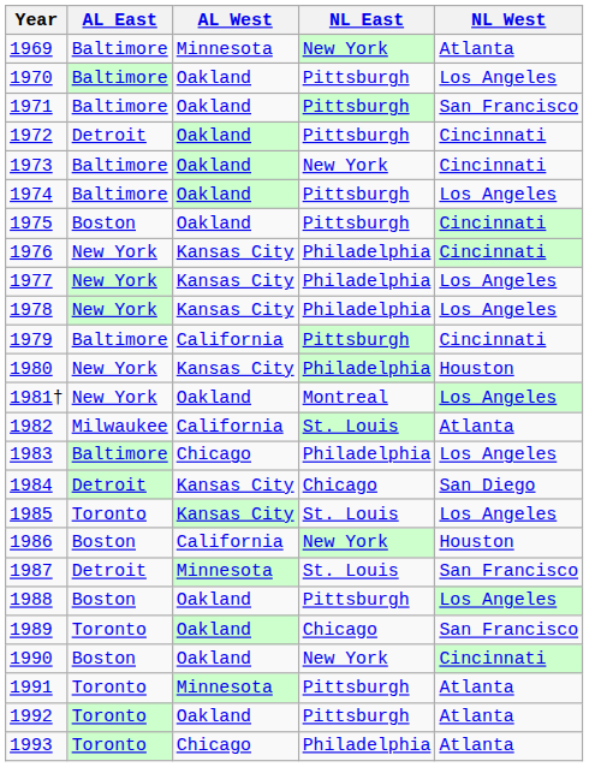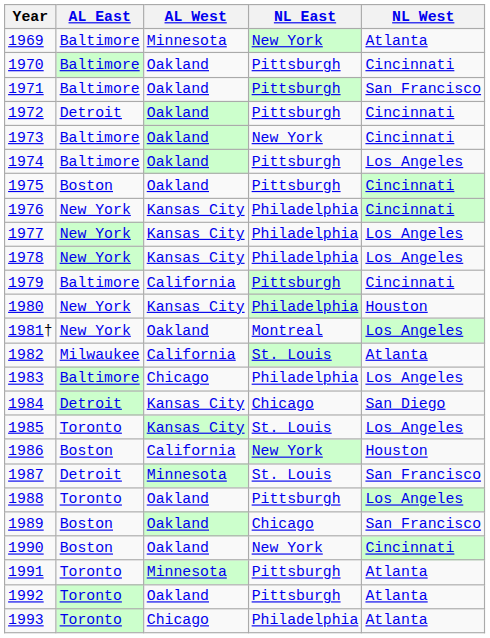 <table class="wikitable sortable">
 <tr>
 <th>Year</th>
 <th><a href='#'>AL East</a></th>
 <th><a href='#'>AL West</a></th>
 <th><a href='#'>NL East</a></th>
 <th><a href='#'>NL West</a></th>
 </tr>
 <tr>
 <td><a href='#'>1969</a></td>
 <td><a href='#'>Baltimore</a></td>
 <td><a href='#'>Minnesota</a></td>
 <td bgcolor="#ccffcc"><a href='#'>New York</a></td>
 <td><a href='#'>Atlanta</a></td>
 </tr>
 <tr>
 <td><a href='#'>1970</a></td>
 <td bgcolor="#ccffcc"><a href='#'>Baltimore</a></td>
 <td><a href='#'>Oakland</a></td>
 <td><a href='#'>Pittsburgh</a></td>
-<td><a href='#'>Los Angeles</a></td>
+<td><a href='#'>Cincinnati</a></td>
 </tr>
 <tr>
 <td><a href='#'>1971</a></td>
 <td><a href='#'>Baltimore</a></td>
 <td><a href='#'>Oakland</a></td>
 <td bgcolor="#ccffcc"><a href='#'>Pittsburgh</a></td>
 <td><a href='#'>San Francisco</a></td>
 </tr>
 <tr>
 <td><a href='#'>1972</a></td>
 <td><a href='#'>Detroit</a></td>
 <td bgcolor="#ccffcc"><a href='#'>Oakland</a></td>
 <td><a href='#'>Pittsburgh</a></td>
 <td><a href='#'>Cincinnati</a></td>
 </tr>
 <tr>
 <td><a href='#'>1973</a></td>
 <td><a href='#'>Baltimore</a></td>
 <td bgcolor="#ccffcc"><a href='#'>Oakland</a></td>
 <td><a href='#'>New York</a></td>
 <td><a href='#'>Cincinnati</a></td>
 </tr>
 <tr>
 <td><a href='#'>1974</a></td>
 <td><a href='#'>Baltimore</a></td>
 <td bgcolor="#ccffcc"><a href='#'>Oakland</a></td>
 <td><a href='#'>Pittsburgh</a></td>
 <td><a href='#'>Los Angeles</a></td>
 </tr>
 <tr>
 <td><a href='#'>1975</a></td>
 <td><a href='#'>Boston</a></td>
 <td><a href='#'>Oakland</a></td>
 <td><a href='#'>Pittsburgh</a></td>
 <td bgcolor="#ccffcc"><a href='#'>Cincinnati</a></td>
 </tr>
 <tr>
 <td><a href='#'>1976</a></td>
 <td><a href='#'>New York</a></td>
 <td><a href='#'>Kansas City</a></td>
 <td><a href='#'>Philadelphia</a></td>
 <td bgcolor="#ccffcc"><a href='#'>Cincinnati</a></td>
 </tr>
 <tr>
 <td><a href='#'>1977</a></td>
 <td bgcolor="#ccffcc"><a href='#'>New York</a></td>
 <td><a href='#'>Kansas City</a></td>
 <td><a href='#'>Philadelphia</a></td>
 <td><a href='#'>Los Angeles</a></td>
 </tr>
 <tr>
 <td><a href='#'>1978</a></td>
 <td bgcolor="#ccffcc"><a href='#'>New York</a></td>
 <td><a href='#'>Kansas City</a></td>
 <td><a href='#'>Philadelphia</a></td>
 <td><a href='#'>Los Angeles</a></td>
 </tr>
 <tr>
 <td><a href='#'>1979</a></td>
 <td><a href='#'>Baltimore</a></td>
 <td><a href='#'>California</a></td>
 <td bgcolor="#ccffcc"><a href='#'>Pittsburgh</a></td>
 <td><a href='#'>Cincinnati</a></td>
 </tr>
 <tr>
 <td><a href='#'>1980</a></td>
 <td><a href='#'>New York</a></td>
 <td><a href='#'>Kansas City</a></td>
 <td bgcolor="#ccffcc"><a href='#'>Philadelphia</a></td>
 <td><a href='#'>Houston</a></td>
 </tr>
 <tr>
 <td><a href='#'>1981</a>†</td>
 <td><a href='#'>New York</a></td>
 <td><a href='#'>Oakland</a></td>
 <td><a href='#'>Montreal</a></td>
 <td bgcolor="#ccffcc"><a href='#'>Los Angeles</a></td>
 </tr>
 <tr>
 <td><a href='#'>1982</a></td>
 <td><a href='#'>Milwaukee</a></td>
 <td><a href='#'>California</a></td>
 <td bgcolor="#ccffcc"><a href='#'>St. Louis</a></td>
 <td><a href='#'>Atlanta</a></td>
 </tr>
 <tr>
 <td><a href='#'>1983</a></td>
 <td bgcolor="#ccffcc"><a href='#'>Baltimore</a></td>
 <td><a href='#'>Chicago</a></td>
 <td><a href='#'>Philadelphia</a></td>
 <td><a href='#'>Los Angeles</a></td>
 </tr>
 <tr>
 <td><a href='#'>1984</a></td>
 <td bgcolor="#ccffcc"><a href='#'>Detroit</a></td>
 <td><a href='#'>Kansas City</a></td>
 <td><a href='#'>Chicago</a></td>
 <td><a href='#'>San Diego</a></td>
 </tr>
 <tr>
 <td><a href='#'>1985</a></td>
 <td><a href='#'>Toronto</a></td>
 <td bgcolor="#ccffcc"><a href='#'>Kansas City</a></td>
 <td><a href='#'>St. Louis</a></td>
 <td><a href='#'>Los Angeles</a></td>
 </tr>
 <tr>
 <td><a href='#'>1986</a></td>
 <td><a href='#'>Boston</a></td>
 <td><a href='#'>California</a></td>
 <td bgcolor="#ccffcc"><a href='#'>New York</a></td>
 <td><a href='#'>Houston</a></td>
 </tr>
 <tr>
 <td><a href='#'>1987</a></td>
 <td><a href='#'>Detroit</a></td>
 <td bgcolor="#ccffcc"><a href='#'>Minnesota</a></td>
 <td><a href='#'>St. Louis</a></td>
 <td><a href='#'>San Francisco</a></td>
 </tr>
 <tr>
 <td><a href='#'>1988</a></td>
-<td><a href='#'>Boston</a></td>
+<td><a href='#'>Toronto</a></td>
 <td><a href='#'>Oakland</a></td>
 <td><a href='#'>Pittsburgh</a></td>
 <td bgcolor="#ccffcc"><a href='#'>Los Angeles</a></td>
 </tr>
 <tr>
 <td><a href='#'>1989</a></td>
-<td><a href='#'>Toronto</a></td>
+<td><a href='#'>Boston</a></td>
 <td bgcolor="#ccffcc"><a href='#'>Oakland</a></td>
 <td><a href='#'>Chicago</a></td>
 <td><a href='#'>San Francisco</a></td>
 </tr>
 <tr>
 <td><a href='#'>1990</a></td>
 <td><a href='#'>Boston</a></td>
 <td><a href='#'>Oakland</a></td>
 <td><a href='#'>New York</a></td>
 <td bgcolor="#ccffcc"><a href='#'>Cincinnati</a></td>
 </tr>
 <tr>
 <td><a href='#'>1991</a></td>
 <td><a href='#'>Toronto</a></td>
 <td bgcolor="#ccffcc"><a href='#'>Minnesota</a></td>
 <td><a href='#'>Pittsburgh</a></td>
 <td><a href='#'>Atlanta</a></td>
 </tr>
 <tr>
 <td><a href='#'>1992</a></td>
 <td bgcolor="#ccffcc"><a href='#'>Toronto</a></td>
 <td><a href='#'>Oakland</a></td>
 <td><a href='#'>Pittsburgh</a></td>
 <td><a href='#'>Atlanta</a></td>
 </tr>
 <tr>
 <td><a href='#'>1993</a></td>
 <td bgcolor="#ccffcc"><a href='#'>Toronto</a></td>
 <td><a href='#'>Chicago</a></td>
 <td><a href='#'>Philadelphia</a></td>
 <td><a href='#'>Atlanta</a></td>
 </tr>
 </table>
